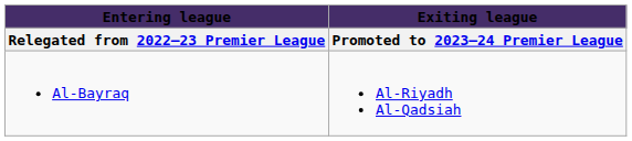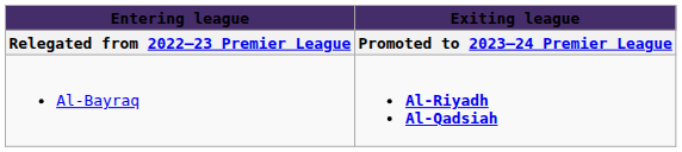 <table class="wikitable">
 <tr>
 <th style="background-color:#452d69;"><span>Entering league</span></th>
 <th style="background-color:#452d69;"><span>Exiting league</span></th>
 </tr>
 <tr>
 <th>Relegated from <a href='#'>2022–23 Premier League</a></th>
 <th>Promoted to <a href='#'>2023–24 Premier League</a></th>
 </tr>
 <tr style="vertical-align:top;">
 <td><br><ul><li><a href='#'>Al-Bayraq</a></li></ul></td>
-<td><br><ul><li><a href='#'>Al-Riyadh</a></li><li><a href='#'>Al-Qadsiah</a></li></ul></td>
+<td><strong><br><ul><li><a href='#'>Al-Riyadh</a></li><li><a href='#'>Al-Qadsiah</a></li></ul></strong></td>
 </tr>
 </table>
